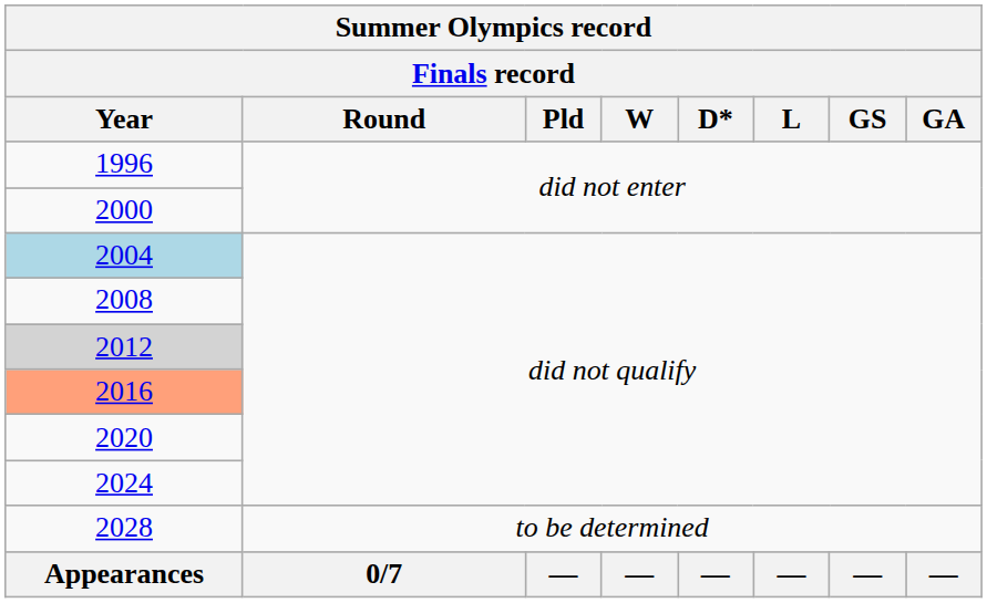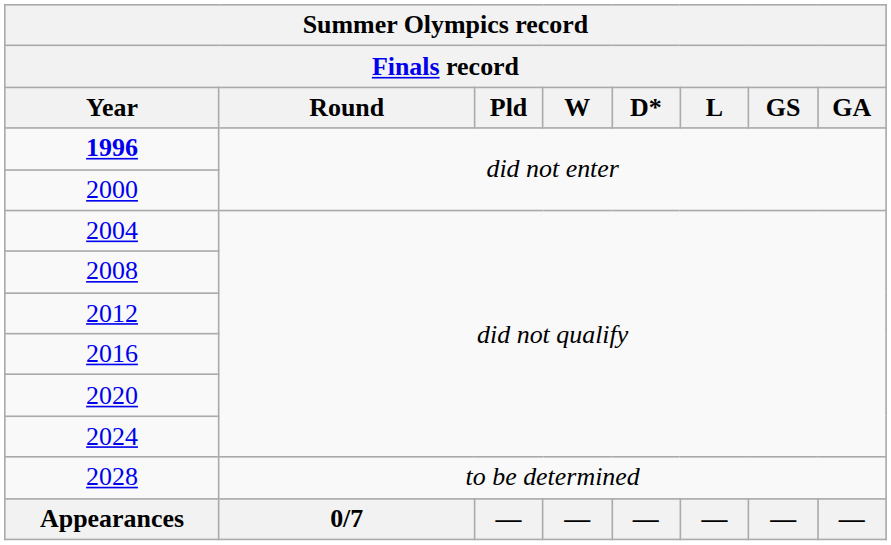 <table class="wikitable" style="text-align: center;">
 <tr>
 <th colspan="9" style=>Summer Olympics record</th>
 </tr>
 <tr>
 <th colspan="9" style=><a href='#'>Finals</a> record</th>
 </tr>
 <tr>
 <th width=125>Year</th>
 <th width=150>Round</th>
 <th width=35>Pld</th>
 <th width=35>W</th>
 <th width=35>D*</th>
 <th width=35>L</th>
 <th width=35>GS</th>
 <th width=35>GA</th>
 </tr>
 <tr>
-<td> <a href='#'>1996</a></td>
+<td><strong> <a href='#'>1996</a></strong></td>
 <td colspan=8 rowspan=2><em>did not enter</em></td>
 </tr>
 <tr>
 <td> <a href='#'>2000</a></td>
 </tr>
 <tr>
-<td style="background: lightblue;"> <a href='#'>2004</a></td>
+<td> <a href='#'>2004</a></td>
 <td colspan=8 rowspan=6><em>did not qualify</em></td>
 </tr>
 <tr>
 <td> <a href='#'>2008</a></td>
 </tr>
 <tr>
-<td style="background: lightgrey;"> <a href='#'>2012</a></td>
+<td> <a href='#'>2012</a></td>
 </tr>
 <tr>
-<td style="background: lightsalmon;"> <a href='#'>2016</a></td>
+<td> <a href='#'>2016</a></td>
 </tr>
 <tr>
 <td> <a href='#'>2020</a></td>
 </tr>
 <tr>
 <td> <a href='#'>2024</a></td>
 </tr>
 <tr>
 <td> <a href='#'>2028</a></td>
 <td colspan=8><em>to be determined</em></td>
 </tr>
 <tr>
 <th colspan=1><strong>Appearances</strong></th>
 <th>0/7</th>
 <th>—</th>
 <th>—</th>
 <th>—</th>
 <th>—</th>
 <th>—</th>
 <th>—</th>
 </tr>
 </table>
